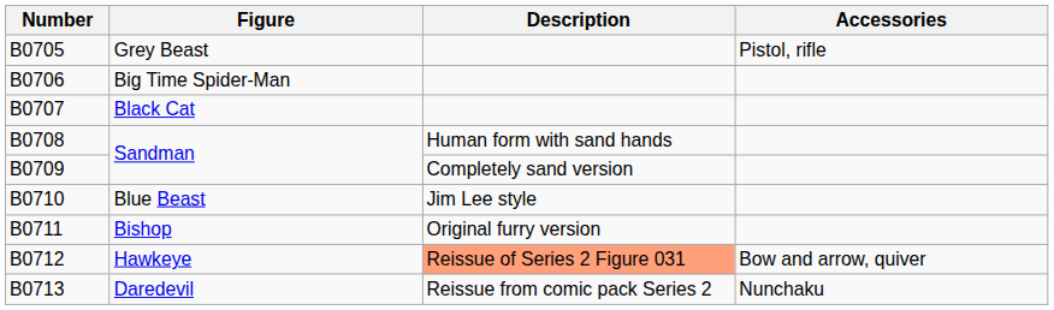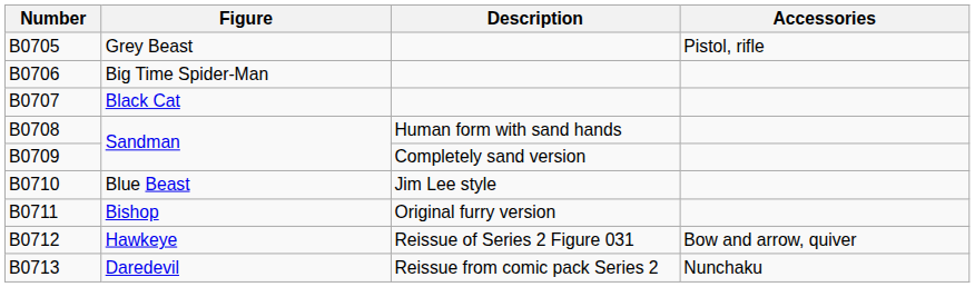 <table class="wikitable" width="70%">
 <tr>
 <th width=10%>Number</th>
 <th width=30%>Figure</th>
 <th width=30%>Description</th>
 <th width=30%>Accessories</th>
 </tr>
 <tr>
 <td>B0705</td>
 <td>Grey Beast</td>
 <td></td>
 <td>Pistol, rifle</td>
 </tr>
 <tr>
 <td>B0706</td>
 <td>Big Time Spider-Man</td>
 <td></td>
 <td></td>
 </tr>
 <tr>
 <td>B0707</td>
 <td><a href='#'>Black Cat</a></td>
 <td></td>
 <td></td>
 </tr>
 <tr>
 <td>B0708</td>
 <td rowspan="2"><a href='#'>Sandman</a></td>
 <td>Human form with sand hands</td>
 <td></td>
 </tr>
 <tr>
 <td>B0709</td>
 <td>Completely sand version</td>
 <td></td>
 </tr>
 <tr>
 <td>B0710</td>
 <td>Blue <a href='#'>Beast</a></td>
 <td>Jim Lee style</td>
 <td></td>
 </tr>
 <tr>
 <td>B0711</td>
 <td><a href='#'>Bishop</a></td>
 <td>Original furry version</td>
 <td></td>
 </tr>
 <tr>
 <td>B0712</td>
 <td><a href='#'>Hawkeye</a></td>
-<td style="background: lightsalmon;">Reissue of Series 2 Figure 031</td>
+<td>Reissue of Series 2 Figure 031</td>
 <td>Bow and arrow, quiver</td>
 </tr>
 <tr>
 <td>B0713</td>
 <td><a href='#'>Daredevil</a></td>
 <td>Reissue from comic pack Series 2</td>
 <td>Nunchaku</td>
 </tr>
 </table>
